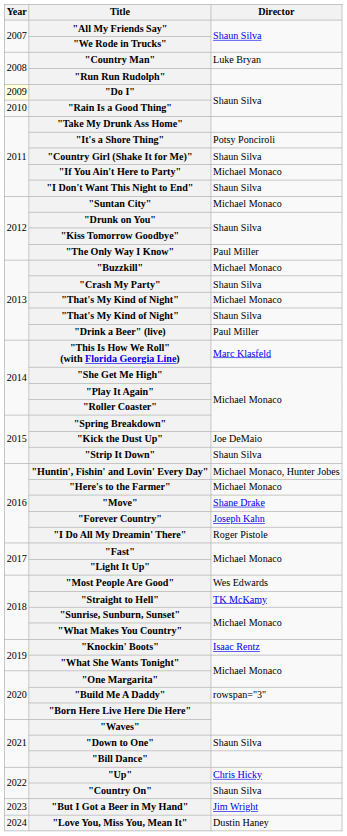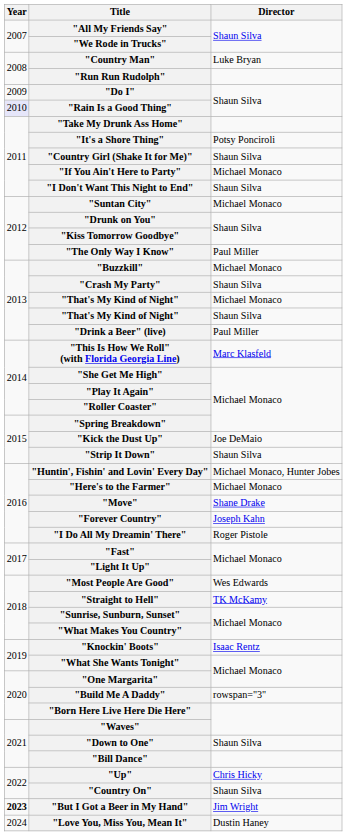 <table class="wikitable plainrowheaders">
 <tr>
 <th scope="col">Year</th>
 <th scope="col">Title</th>
 <th scope="col">Director</th>
 </tr>
 <tr>
 <td rowspan="2">2007</td>
 <th scope="row">"All My Friends Say"</th>
 <td rowspan="2"><a href='#'>Shaun Silva</a></td>
 </tr>
 <tr>
 <th scope="row">"We Rode in Trucks"</th>
 </tr>
 <tr>
 <td rowspan="2">2008</td>
 <th scope="row">"Country Man"</th>
 <td>Luke Bryan</td>
 </tr>
 <tr>
 <th scope="row">"Run Run Rudolph"</th>
 <td></td>
 </tr>
 <tr>
-<td style="background: lightyellow;">2009</td>
+<td>2009</td>
 <th scope="row">"Do I"</th>
 <td rowspan="2">Shaun Silva</td>
 </tr>
 <tr>
-<td>2010</td>
+<td style="background: lavender;">2010</td>
 <th scope="row">"Rain Is a Good Thing"</th>
 </tr>
 <tr>
 <td rowspan="5">2011</td>
 <th scope="row">"Take My Drunk Ass Home"</th>
 <td></td>
 </tr>
 <tr>
 <th scope="row">"It's a Shore Thing"</th>
 <td>Potsy Ponciroli</td>
 </tr>
 <tr>
 <th scope="row">"Country Girl (Shake It for Me)"</th>
 <td>Shaun Silva</td>
 </tr>
 <tr>
 <th scope="row">"If You Ain't Here to Party"</th>
 <td>Michael Monaco</td>
 </tr>
 <tr>
 <th scope="row">"I Don't Want This Night to End"</th>
 <td>Shaun Silva</td>
 </tr>
 <tr>
 <td rowspan="4">2012</td>
 <th scope="row">"Suntan City"</th>
 <td>Michael Monaco</td>
 </tr>
 <tr>
 <th scope="row">"Drunk on You"</th>
 <td rowspan="2">Shaun Silva</td>
 </tr>
 <tr>
 <th scope="row">"Kiss Tomorrow Goodbye"</th>
 </tr>
 <tr>
 <th scope="row">"The Only Way I Know"<br></th>
 <td>Paul Miller</td>
 </tr>
 <tr>
 <td rowspan="5">2013</td>
 <th scope="row">"Buzzkill"</th>
 <td>Michael Monaco</td>
 </tr>
 <tr>
 <th scope="row">"Crash My Party"</th>
 <td>Shaun Silva</td>
 </tr>
 <tr>
 <th scope="row">"That's My Kind of Night" </th>
 <td>Michael Monaco</td>
 </tr>
 <tr>
 <th scope="row">"That's My Kind of Night"</th>
 <td>Shaun Silva</td>
 </tr>
 <tr>
 <th scope="row">"Drink a Beer" <span>(live)</span></th>
 <td>Paul Miller</td>
 </tr>
 <tr>
 <td rowspan="4">2014</td>
 <th scope="row">"This Is How We Roll" <br><span>(with <a href='#'>Florida Georgia Line</a>)</span></th>
 <td><a href='#'>Marc Klasfeld</a></td>
 </tr>
 <tr>
 <th scope="row">"She Get Me High"</th>
 <td rowspan="4">Michael Monaco</td>
 </tr>
 <tr>
 <th scope="row">"Play It Again"</th>
 </tr>
 <tr>
 <th scope="row">"Roller Coaster"</th>
 </tr>
 <tr>
 <td rowspan="3">2015</td>
 <th scope="row">"Spring Breakdown"</th>
 </tr>
 <tr>
 <th scope="row">"Kick the Dust Up" </th>
 <td>Joe DeMaio</td>
 </tr>
 <tr>
 <th scope="row">"Strip It Down"</th>
 <td>Shaun Silva</td>
 </tr>
 <tr>
 <td rowspan="5">2016</td>
 <th scope="row">"Huntin', Fishin' and Lovin' Every Day"</th>
 <td>Michael Monaco, Hunter Jobes</td>
 </tr>
 <tr>
 <th scope="row">"Here's to the Farmer"</th>
 <td>Michael Monaco</td>
 </tr>
 <tr>
 <th scope="row">"Move"</th>
 <td><a href='#'>Shane Drake</a></td>
 </tr>
 <tr>
 <th scope="row">"Forever Country" <br></th>
 <td><a href='#'>Joseph Kahn</a></td>
 </tr>
 <tr>
 <th scope="row">"I Do All My Dreamin' There"</th>
 <td>Roger Pistole</td>
 </tr>
 <tr>
 <td rowspan="2">2017</td>
 <th scope="row">"Fast"</th>
 <td rowspan="2">Michael Monaco</td>
 </tr>
 <tr>
 <th scope="row">"Light It Up"</th>
 </tr>
 <tr>
 <td rowspan="4">2018</td>
 <th scope="row">"Most People Are Good"</th>
 <td>Wes Edwards</td>
 </tr>
 <tr>
 <th scope="row">"Straight to Hell" </th>
 <td><a href='#'>TK McKamy</a></td>
 </tr>
 <tr>
 <th scope="row">"Sunrise, Sunburn, Sunset"</th>
 <td rowspan="2">Michael Monaco</td>
 </tr>
 <tr>
 <th scope="row">"What Makes You Country"</th>
 </tr>
 <tr>
 <td rowspan="2">2019</td>
 <th scope="row">"Knockin' Boots"</th>
 <td><a href='#'>Isaac Rentz</a></td>
 </tr>
 <tr>
 <th scope="row">"What She Wants Tonight"</th>
 <td rowspan="2">Michael Monaco</td>
 </tr>
 <tr>
 <td rowspan="3">2020</td>
 <th scope="row">"One Margarita"</th>
 </tr>
 <tr>
 <th scope="row">"Build Me A Daddy"</th>
 <td>rowspan="3" </td>
 </tr>
 <tr>
 <th scope="row">"Born Here Live Here Die Here"</th>
 </tr>
 <tr>
 <td rowspan="3">2021</td>
 <th scope="row">"Waves"</th>
 </tr>
 <tr>
 <th scope="row">"Down to One"</th>
 <td>Shaun Silva</td>
 </tr>
 <tr>
 <th scope="row">"Bill Dance"</th>
 <td></td>
 </tr>
 <tr>
 <td rowspan="2">2022</td>
 <th scope="row">"Up"</th>
 <td><a href='#'>Chris Hicky</a></td>
 </tr>
 <tr>
 <th scope="row">"Country On"</th>
 <td>Shaun Silva</td>
 </tr>
 <tr>
-<td rowspan="row">2023</td>
+<td rowspan="row"><strong>2023</strong></td>
 <th scope="row">"But I Got a Beer in My Hand"</th>
 <td><a href='#'>Jim Wright</a></td>
 </tr>
 <tr>
 <td rowspan="row">2024</td>
 <th scope="row">"Love You, Miss You, Mean It"</th>
 <td>Dustin Haney</td>
 </tr>
 </table>
